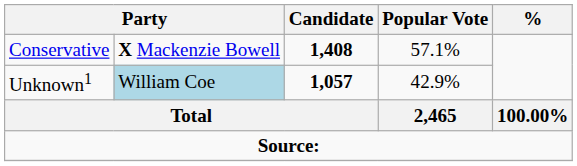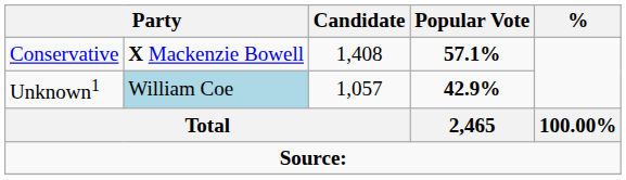 <table class="wikitable">
 <tr>
 <th colspan="2">Party</th>
 <th>Candidate</th>
 <th>Popular Vote</th>
 <th>%</th>
 </tr>
 <tr>
 <td><a href='#'>Conservative</a></td>
 <td> <strong>X</strong> <a href='#'>Mackenzie Bowell</a></td>
-<td align=center><strong>1,408</strong></td>
-<td align=center>57.1%</td>
+<td align=center>1,408</td>
+<td align=center><strong>57.1%</strong></td>
 </tr>
 <tr>
 <td>Unknown<sup>1</sup></td>
 <td style="background: lightblue;">William Coe</td>
-<td align=center><strong>1,057</strong></td>
-<td align=center>42.9%</td>
+<td align=center>1,057</td>
+<td align=center><strong>42.9%</strong></td>
 </tr>
 <tr>
 <th colspan=3 align=center>Total</th>
 <th align=right>2,465</th>
 <th align=right>100.00%</th>
 </tr>
 <tr>
 <td align="center" colspan=5><strong>Source:</strong> </td>
 </tr>
 <tr>
 </tr>
 </table>
